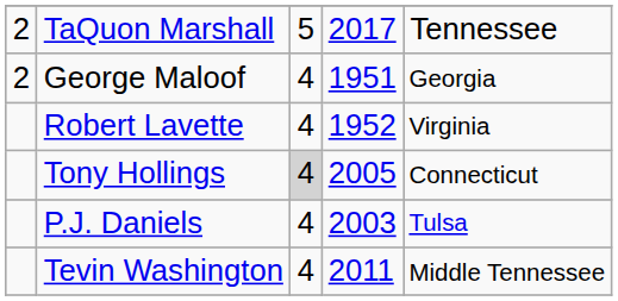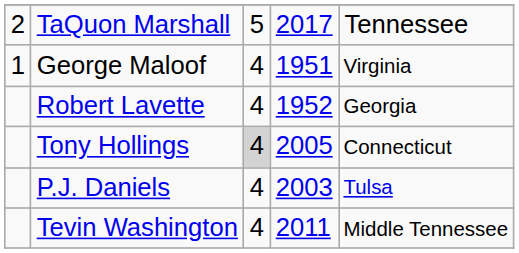 <table class="wikitable">
 <tr>
 </tr>
 <tr>
 <td>2</td>
 <td><a href='#'>TaQuon Marshall</a></td>
 <td>5</td>
 <td><a href='#'>2017</a></td>
 <td Style="fpnt-size:80%;">Tennessee</td>
 </tr>
 <tr>
-<td>2</td>
+<td>1</td>
 <td>George Maloof</td>
 <td>4</td>
 <td><a href='#'>1951</a></td>
-<td style="font-size:80%;">Georgia</td>
+<td style="font-size:80%;">Virginia</td>
 </tr>
 <tr>
 <td></td>
 <td><a href='#'>Robert Lavette</a></td>
 <td>4</td>
 <td><a href='#'>1952</a></td>
-<td style="font-size:80%;">Virginia</td>
+<td style="font-size:80%;">Georgia</td>
 </tr>
 <tr>
 <td></td>
 <td><a href='#'>Tony Hollings</a></td>
 <td style="background: lightgrey;">4</td>
 <td><a href='#'>2005</a></td>
 <td style="font-size:80%;">Connecticut</td>
 </tr>
 <tr>
 <td></td>
 <td><a href='#'>P.J. Daniels</a></td>
 <td>4</td>
 <td><a href='#'>2003</a></td>
 <td style="font-size:80%;"><a href='#'>Tulsa</a></td>
 </tr>
 <tr>
 <td></td>
 <td><a href='#'>Tevin Washington</a></td>
 <td>4</td>
 <td><a href='#'>2011</a></td>
 <td style="font-size:80%;">Middle Tennessee</td>
 </tr>
 </table>
